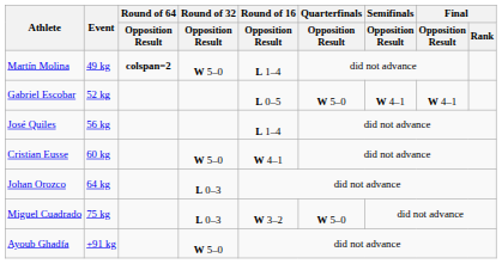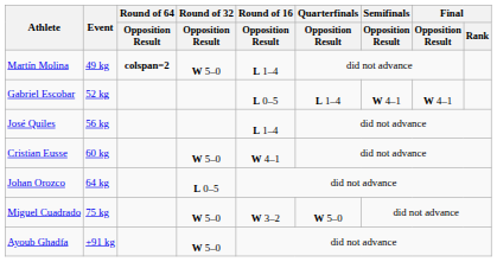 <table class="wikitable" style="font-size:90%">
 <tr>
 <th rowspan="2">Athlete</th>
 <th rowspan="2">Event</th>
 <th>Round of 64</th>
 <th>Round of 32</th>
 <th>Round of 16</th>
 <th>Quarterfinals</th>
 <th>Semifinals</th>
 <th colspan=2>Final</th>
 </tr>
 <tr style="font-size:95%">
 <th>Opposition<br>Result</th>
 <th>Opposition<br>Result</th>
 <th>Opposition<br>Result</th>
 <th>Opposition<br>Result</th>
 <th>Opposition<br>Result</th>
 <th>Opposition<br>Result</th>
 <th>Rank</th>
 </tr>
 <tr align=center>
 <td align=left><a href='#'>Martín Molina</a></td>
 <td align=left><a href='#'>49 kg</a></td>
 <td><strong>colspan=2 </strong></td>
 <td><br><strong>W</strong> 5–0</td>
 <td><br><strong>L</strong> 1–4</td>
 <td colspan=3>did not advance</td>
 </tr>
 <tr align=center>
 <td align=left><a href='#'>Gabriel Escobar</a></td>
 <td align=left><a href='#'>52 kg</a></td>
 <td></td>
 <td></td>
 <td><br><strong>L</strong> 0–5</td>
-<td><br><strong>W</strong> 5–0</td>
+<td><br><strong>L</strong> 1–4</td>
 <td><br><strong>W</strong> 4–1</td>
 <td><br><strong>W</strong> 4–1</td>
 <td></td>
 </tr>
 <tr align=center>
 <td align=left><a href='#'>José Quiles</a></td>
 <td align=left><a href='#'>56 kg</a></td>
 <td></td>
 <td></td>
 <td><br><strong>L</strong> 1–4</td>
 <td colspan=4>did not advance</td>
 </tr>
 <tr align=center>
 <td align=left><a href='#'>Cristian Eusse</a></td>
 <td align=left><a href='#'>60 kg</a></td>
 <td></td>
 <td><br><strong>W</strong> 5–0</td>
 <td><br><strong>W</strong> 4–1</td>
 <td colspan=4>did not advance</td>
 </tr>
 <tr align=center>
 <td align=left><a href='#'>Johan Orozco</a></td>
 <td align=left><a href='#'>64 kg</a></td>
 <td></td>
-<td><br><strong>L</strong> 0–3</td>
+<td><br><strong>L</strong> 0–5</td>
 <td colspan=5>did not advance</td>
 </tr>
 <tr align=center>
 <td align=left><a href='#'>Miguel Cuadrado</a></td>
 <td align=left><a href='#'>75 kg</a></td>
 <td></td>
-<td><br><strong>L</strong> 0–3</td>
+<td><br><strong>W</strong> 5–0</td>
 <td><br><strong>W</strong> 3–2</td>
 <td><br><strong>W</strong> 5–0</td>
 <td colspan=3>did not advance</td>
 </tr>
 <tr align=center>
 <td align=left><a href='#'>Ayoub Ghadfa</a></td>
 <td align=left><a href='#'>+91 kg</a></td>
 <td></td>
 <td><br><strong>W</strong> 5–0</td>
 <td colspan=5>did not advance</td>
 </tr>
 </table>
